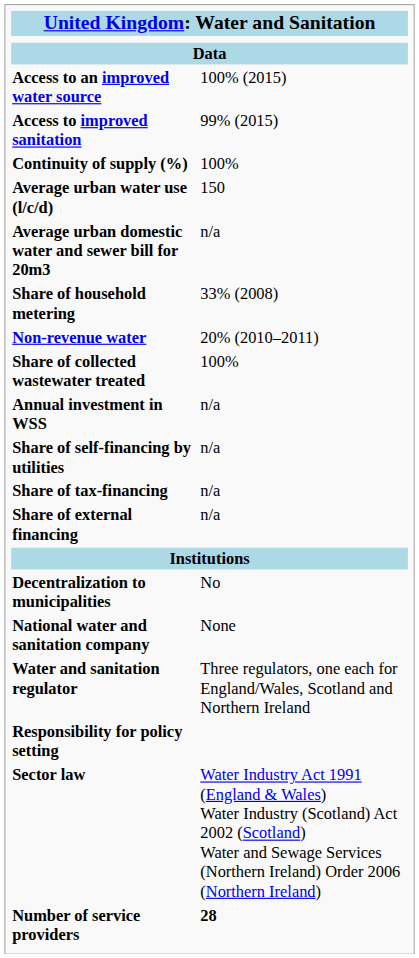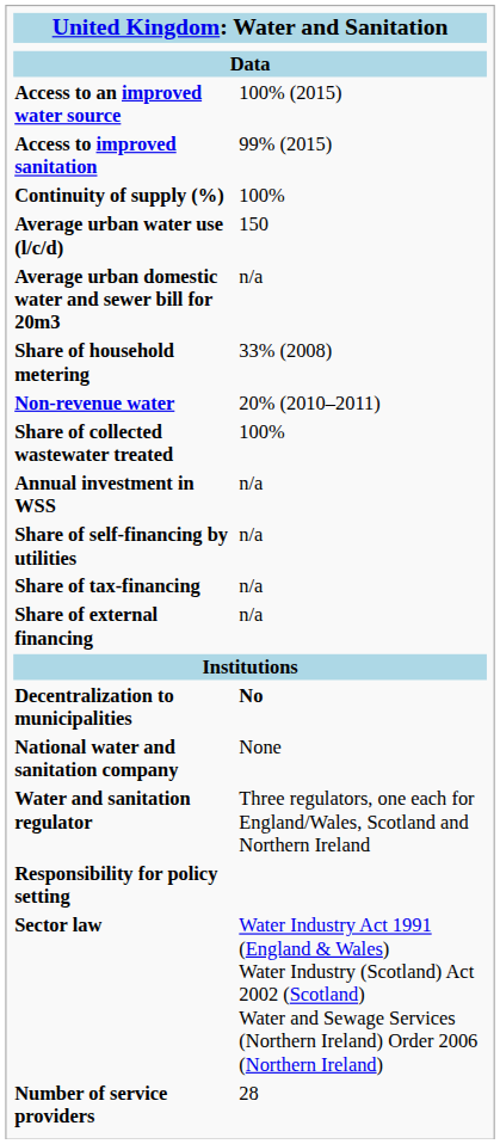 <table style="width: 25em; font-size: 90%; text-align: left;" class="infobox">
 <tr>
 <th align="center" bgcolor="lightblue" colspan="2"><big><a href='#'>United Kingdom</a>: Water and Sanitation</big></th>
 </tr>
 <tr>
 <td colspan="2" style="text-align:center"></td>
 </tr>
 <tr>
 <th align="center" bgcolor="lightblue" colspan="3">Data</th>
 </tr>
 <tr>
 <th align="left" valign="top">Access to an <a href='#'>improved water source</a></th>
 <td valign="top">100% (2015)</td>
 </tr>
 <tr>
 <th align="left" valign="top">Access to <a href='#'>improved sanitation</a></th>
 <td valign="top">99% (2015)</td>
 </tr>
 <tr>
 <th align="left" valign="top">Continuity of supply (%)</th>
 <td valign="top">100%</td>
 </tr>
 <tr>
 <th align="left" valign="top">Average urban water use (l/c/d)</th>
 <td valign="top">150</td>
 </tr>
 <tr>
 <th align="left" valign="top">Average urban domestic water and sewer bill for 20m3</th>
 <td valign="top">n/a</td>
 </tr>
 <tr>
 <th align="left" valign="top">Share of household metering</th>
 <td valign="top">33% (2008) </td>
 </tr>
 <tr>
 <th align="left" valign="top"><a href='#'>Non-revenue water</a></th>
 <td valign="top">20% (2010–2011) </td>
 </tr>
 <tr>
 <th align="left" valign="top">Share of collected wastewater treated</th>
 <td valign="top">100%</td>
 </tr>
 <tr>
 <th align="left" valign="top">Annual investment in WSS</th>
 <td valign="top">n/a</td>
 </tr>
 <tr>
 <th align="left" valign="top">Share of self-financing by utilities</th>
 <td valign="top">n/a</td>
 </tr>
 <tr>
 <th align="left" valign="top">Share of tax-financing</th>
 <td valign="top">n/a</td>
 </tr>
 <tr>
 <th align="left" valign="top">Share of external financing</th>
 <td valign="top">n/a</td>
 </tr>
 <tr>
 <th align="center" bgcolor="lightblue" colspan="3">Institutions</th>
 </tr>
 <tr>
 <th align="left" valign="top">Decentralization to municipalities</th>
-<td valign="top">No</td>
+<td valign="top"><strong>No</strong></td>
 </tr>
 <tr>
 <th align="left" valign="top">National water and sanitation company</th>
 <td valign="top">None</td>
 </tr>
 <tr>
 <th align="left" valign="top">Water and sanitation regulator</th>
 <td valign="top">Three regulators, one each for England/Wales, Scotland and Northern Ireland</td>
 </tr>
 <tr>
 <th align="left" valign="top">Responsibility for policy setting</th>
 <td valign="top"></td>
 </tr>
 <tr>
 <th align="left" valign="top">Sector law</th>
 <td valign="top"><a href='#'>Water Industry Act 1991</a> (<a href='#'>England & Wales</a>)<br> Water Industry (Scotland) Act 2002 (<a href='#'>Scotland</a>)<br> Water and Sewage Services (Northern Ireland) Order 2006 (<a href='#'>Northern Ireland</a>)</td>
 </tr>
 <tr>
 <th align="left" valign="top">Number of service providers</th>
-<td valign="top"><strong>28</strong></td>
+<td valign="top">28</td>
 </tr>
 <tr>
 </tr>
 </table>
